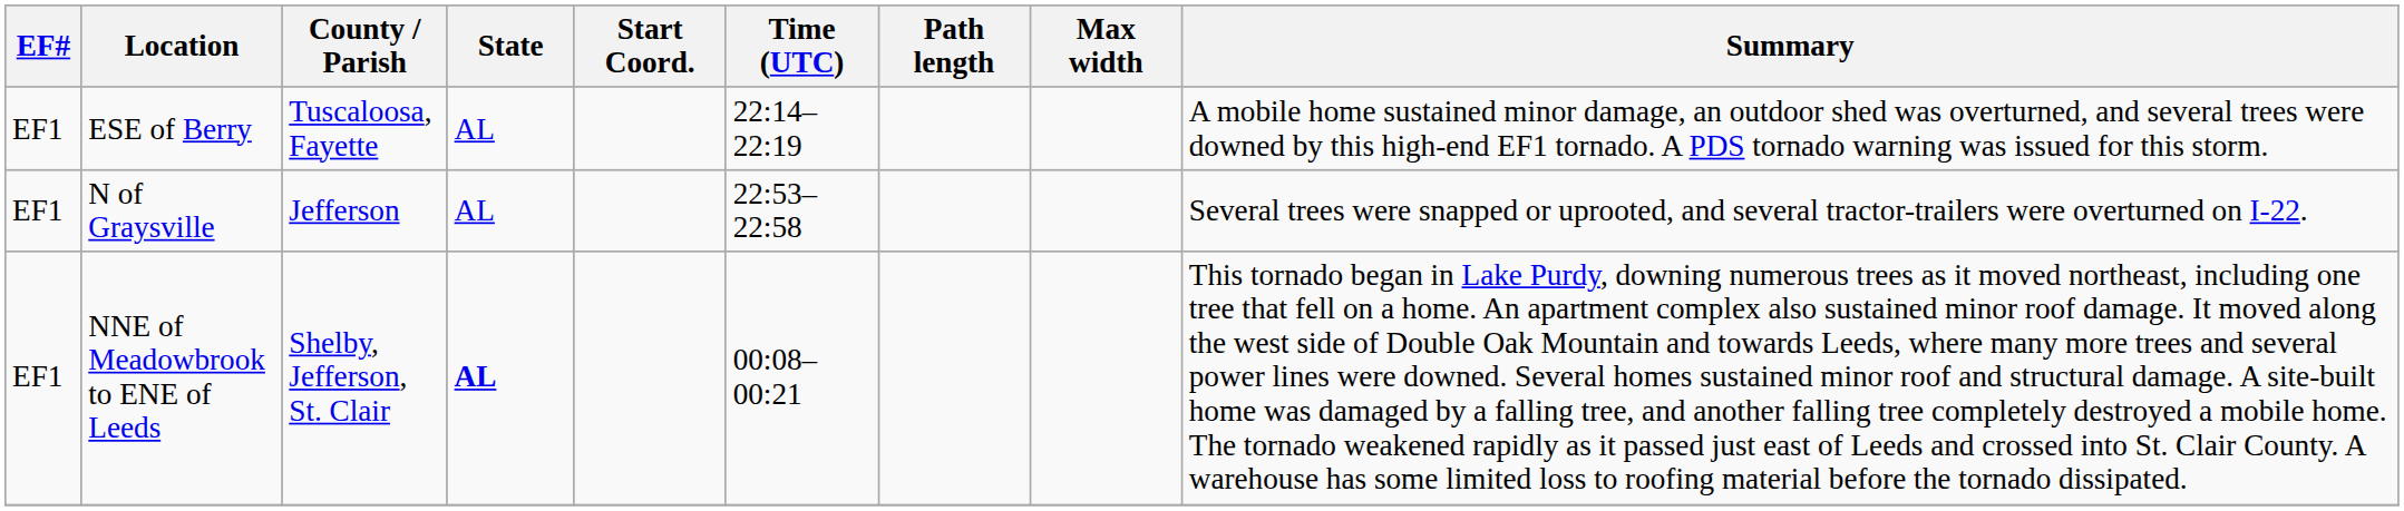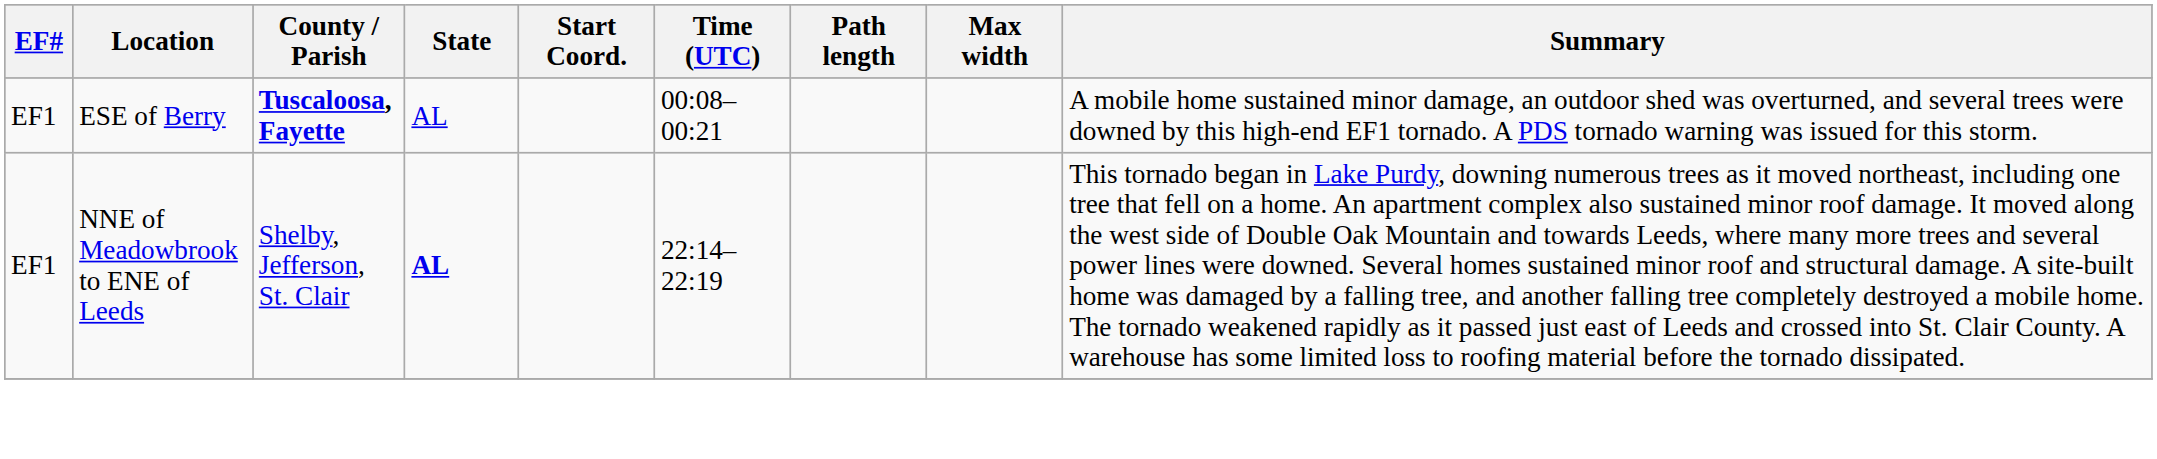 <table class="wikitable sortable" style="width:100%;">
 <tr>
 <th scope="col"  style="width:3%; text-align:center;"><a href='#'>EF#</a></th>
 <th scope="col"  style="width:7%; text-align:center;" class="unsortable">Location</th>
 <th scope="col"  style="width:6%; text-align:center;" class="unsortable">County / Parish</th>
 <th scope="col"  style="width:5%; text-align:center;">State</th>
 <th scope="col"  style="width:6%; text-align:center;">Start Coord.</th>
 <th scope="col"  style="width:6%; text-align:center;">Time (<a href='#'>UTC</a>)</th>
 <th scope="col"  style="width:6%; text-align:center;">Path length</th>
 <th scope="col"  style="width:6%; text-align:center;">Max width</th>
 <th scope="col" class="unsortable" style="width:48%; text-align:center;">Summary</th>
 </tr>
 <tr>
 <td>EF1</td>
 <td>ESE of <a href='#'>Berry</a></td>
-<td><a href='#'>Tuscaloosa</a>, <a href='#'>Fayette</a></td>
+<td><strong><a href='#'>Tuscaloosa</a>, <a href='#'>Fayette</a></strong></td>
 <td><a href='#'>AL</a></td>
 <td></td>
-<td>22:14–22:19</td>
+<td>00:08–00:21</td>
 <td></td>
 <td></td>
 <td>A mobile home sustained minor damage, an outdoor shed was overturned, and several trees were downed by this high-end EF1 tornado. A <a href='#'>PDS</a> tornado warning was issued for this storm.</td>
-</tr>
-<tr>
-<td>EF1</td>
-<td>N of <a href='#'>Graysville</a></td>
-<td><a href='#'>Jefferson</a></td>
-<td><a href='#'>AL</a></td>
-<td></td>
-<td>22:53–22:58</td>
-<td></td>
-<td></td>
-<td>Several trees were snapped or uprooted, and several tractor-trailers were overturned on <a href='#'>I-22</a>.</td>
 </tr>
 <tr>
 <td>EF1</td>
 <td>NNE of <a href='#'>Meadowbrook</a> to ENE of <a href='#'>Leeds</a></td>
 <td><a href='#'>Shelby</a>, <a href='#'>Jefferson</a>, <a href='#'>St. Clair</a></td>
 <td><strong><a href='#'>AL</a></strong></td>
 <td></td>
-<td>00:08–00:21</td>
+<td>22:14–22:19</td>
 <td></td>
 <td></td>
 <td>This tornado began in <a href='#'>Lake Purdy</a>, downing numerous trees as it moved northeast, including one tree that fell on a home. An apartment complex also sustained minor roof damage. It moved along the west side of Double Oak Mountain and towards Leeds, where many more trees and several power lines were downed. Several homes sustained minor roof and structural damage. A site-built home was damaged by a falling tree, and another falling tree completely destroyed a mobile home. The tornado weakened rapidly as it passed just east of Leeds and crossed into St. Clair County. A warehouse has some limited loss to roofing material before the tornado dissipated.</td>
 </tr>
 <tr>
 </tr>
 </table>
